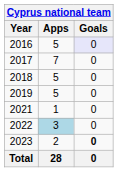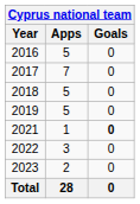 <table class=wikitable style="text-align:center">
 <tr>
 <th colspan=3><a href='#'>Cyprus national team</a></th>
 </tr>
 <tr>
 <th>Year</th>
 <th>Apps</th>
 <th>Goals</th>
 </tr>
 <tr>
 <td>2016</td>
 <td>5</td>
-<td style="background: lavender;">0</td>
+<td>0</td>
 </tr>
 <tr>
 <td>2017</td>
 <td>7</td>
 <td>0</td>
 </tr>
 <tr>
 <td>2018</td>
 <td>5</td>
 <td>0</td>
 </tr>
 <tr>
 <td>2019</td>
 <td>5</td>
 <td>0</td>
 </tr>
 <tr>
 <td>2021</td>
 <td>1</td>
-<td>0</td>
+<td><strong>0</strong></td>
 </tr>
 <tr>
 <td>2022</td>
-<td style="background: lightblue;">3</td>
+<td>3</td>
 <td>0</td>
 </tr>
 <tr>
 <td>2023</td>
 <td>2</td>
-<td><strong>0</strong></td>
+<td>0</td>
 </tr>
 <tr>
 <th>Total</th>
 <th>28</th>
 <th>0</th>
 </tr>
 </table>
